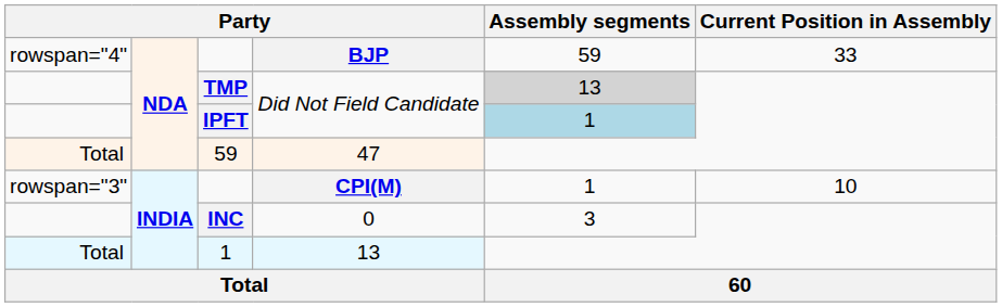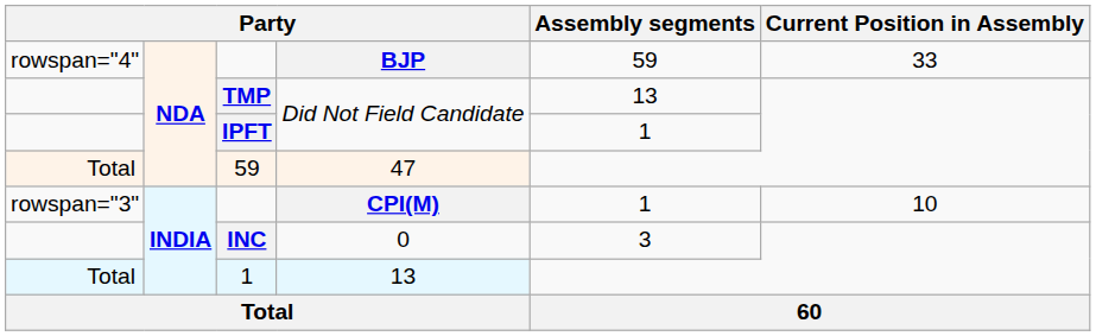 <table class="wikitable" style="text-align:center">
 <tr>
 <th colspan=4>Party</th>
 <th>Assembly segments</th>
 <th>Current Position in Assembly</th>
 </tr>
 <tr>
 <td>rowspan="4" </td>
 <th rowspan="4"style="background:#fef3e8"><a href='#'>NDA</a></th>
 <td></td>
 <th><a href='#'>BJP</a></th>
 <td>59</td>
 <td>33</td>
 </tr>
 <tr>
 <td></td>
 <th><a href='#'>TMP</a></th>
 <td rowspan=2><em>Did Not Field Candidate</em></td>
-<td style="background: lightgrey;">13</td>
+<td>13</td>
 </tr>
 <tr>
 <td></td>
 <th><a href='#'>IPFT</a></th>
-<td style="background: lightblue;">1</td>
+<td>1</td>
 </tr>
 <tr>
 <td colspan="2"style="background:#fef3e8">Total</td>
 <td style="background:#fef3e8">59</td>
 <td style="background:#fef3e8">47</td>
 </tr>
 <tr>
 <td>rowspan="3" </td>
 <th rowspan="3"style="background:#E5F8FF"><a href='#'>INDIA</a></th>
 <td></td>
 <th><a href='#'>CPI(M)</a></th>
 <td>1</td>
 <td>10</td>
 </tr>
 <tr>
 <td></td>
 <th><a href='#'>INC</a></th>
 <td>0</td>
 <td>3</td>
 </tr>
 <tr>
 <td colspan="2"style="background:#E5F8FF">Total</td>
 <td style="background:#E5F8FF">1</td>
 <td style="background:#E5F8FF">13</td>
 </tr>
 <tr>
 <th colspan="4">Total</th>
 <th colspan="2">60</th>
 </tr>
 </table>
